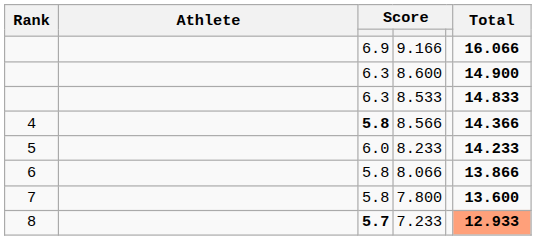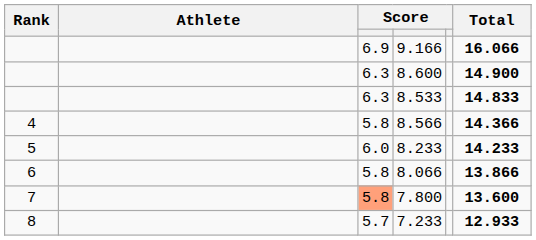 <table class=wikitable style="text-align:center">
 <tr>
 <th width="40" rowspan="2">Rank</th>
 <th width="250" rowspan="2">Athlete</th>
 <th width="60" colspan="3">Score</th>
 <th width="60" rowspan="2">Total</th>
 </tr>
 <tr>
 <th></th>
 <th></th>
 <th></th>
 </tr>
 <tr>
 <td></td>
 <td align="left"></td>
 <td>6.9</td>
 <td>9.166</td>
 <td></td>
 <td><strong>16.066</strong></td>
 </tr>
 <tr>
 <td></td>
 <td align="left"></td>
 <td>6.3</td>
 <td>8.600</td>
 <td></td>
 <td><strong>14.900</strong></td>
 </tr>
 <tr>
 <td></td>
 <td align="left"></td>
 <td>6.3</td>
 <td>8.533</td>
 <td></td>
 <td><strong>14.833</strong></td>
 </tr>
 <tr>
 <td>4</td>
 <td align="left"></td>
-<td><strong>5.8</strong></td>
+<td>5.8</td>
 <td>8.566</td>
 <td></td>
 <td><strong>14.366</strong></td>
 </tr>
 <tr>
 <td>5</td>
 <td align="left"></td>
 <td>6.0</td>
 <td>8.233</td>
 <td></td>
 <td><strong>14.233</strong></td>
 </tr>
 <tr>
 <td>6</td>
 <td align="left"></td>
 <td>5.8</td>
 <td>8.066</td>
 <td></td>
 <td><strong>13.866</strong></td>
 </tr>
 <tr>
 <td>7</td>
 <td align="left"></td>
-<td>5.8</td>
+<td style="background: lightsalmon;">5.8</td>
 <td>7.800</td>
 <td></td>
 <td><strong>13.600</strong></td>
 </tr>
 <tr>
 <td>8</td>
 <td align="left"></td>
-<td><strong>5.7</strong></td>
+<td>5.7</td>
 <td>7.233</td>
 <td></td>
-<td style="background: lightsalmon;"><strong>12.933</strong></td>
+<td><strong>12.933</strong></td>
 </tr>
 </table>
